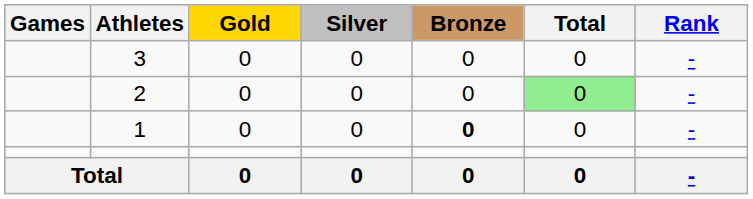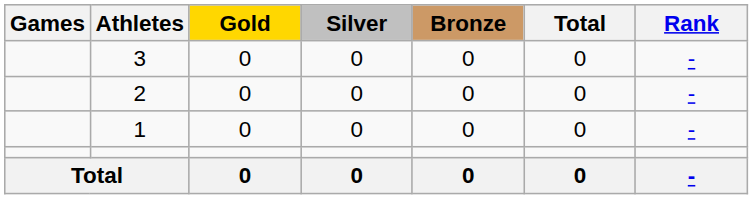 <table class="wikitable sortable" style="text-align:center; font-size:90%;">
 <tr>
 <th>Games</th>
 <th>Athletes</th>
 <th style="background:gold; width:4.5em; font-weight:bold;">Gold</th>
 <th style="background:silver; width:4.5em; font-weight:bold;">Silver</th>
 <th style="background:#cc9966; width:4.5em; font-weight:bold;">Bronze</th>
 <th style="width:4.5em; font-weight:bold;">Total</th>
 <th style="width:4.5em; font-weight:bold;"><a href='#'>Rank</a></th>
 </tr>
 <tr>
 <td align=left></td>
 <td>3</td>
 <td>0</td>
 <td>0</td>
 <td>0</td>
 <td>0</td>
 <td><a href='#'>-</a></td>
 </tr>
 <tr>
 <td align=left></td>
 <td>2</td>
 <td>0</td>
 <td>0</td>
 <td>0</td>
-<td style="background: lightgreen;">0</td>
+<td>0</td>
 <td><a href='#'>-</a></td>
 </tr>
 <tr>
 <td align=left></td>
 <td>1</td>
 <td>0</td>
 <td>0</td>
-<td><strong>0</strong></td>
+<td>0</td>
 <td>0</td>
 <td><a href='#'>-</a></td>
 </tr>
 <tr>
 <td align=left><em></em></td>
 <td></td>
 <td></td>
 <td></td>
 <td></td>
 <td></td>
 <td></td>
 </tr>
 <tr>
 <th colspan=2>Total</th>
 <th>0</th>
 <th>0</th>
 <th>0</th>
 <th>0</th>
 <th><a href='#'>-</a></th>
 </tr>
 </table>
